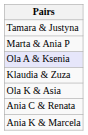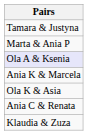 <table class="wikitable">
 <tr>
 <th><strong>Pairs</strong></th>
 </tr>
 <tr>
 <td>Tamara & Justyna</td>
 </tr>
 <tr>
 <td>Marta & Ania P</td>
 </tr>
 <tr>
 <td style="background: lavender;">Ola A & Ksenia</td>
 </tr>
 <tr>
-<td>Klaudia & Zuza</td>
+<td>Ania K & Marcela</td>
 </tr>
 <tr>
 <td>Ola K & Asia</td>
 </tr>
 <tr>
 <td>Ania C & Renata</td>
 </tr>
 <tr>
-<td>Ania K & Marcela</td>
+<td>Klaudia & Zuza</td>
 </tr>
 </table>
